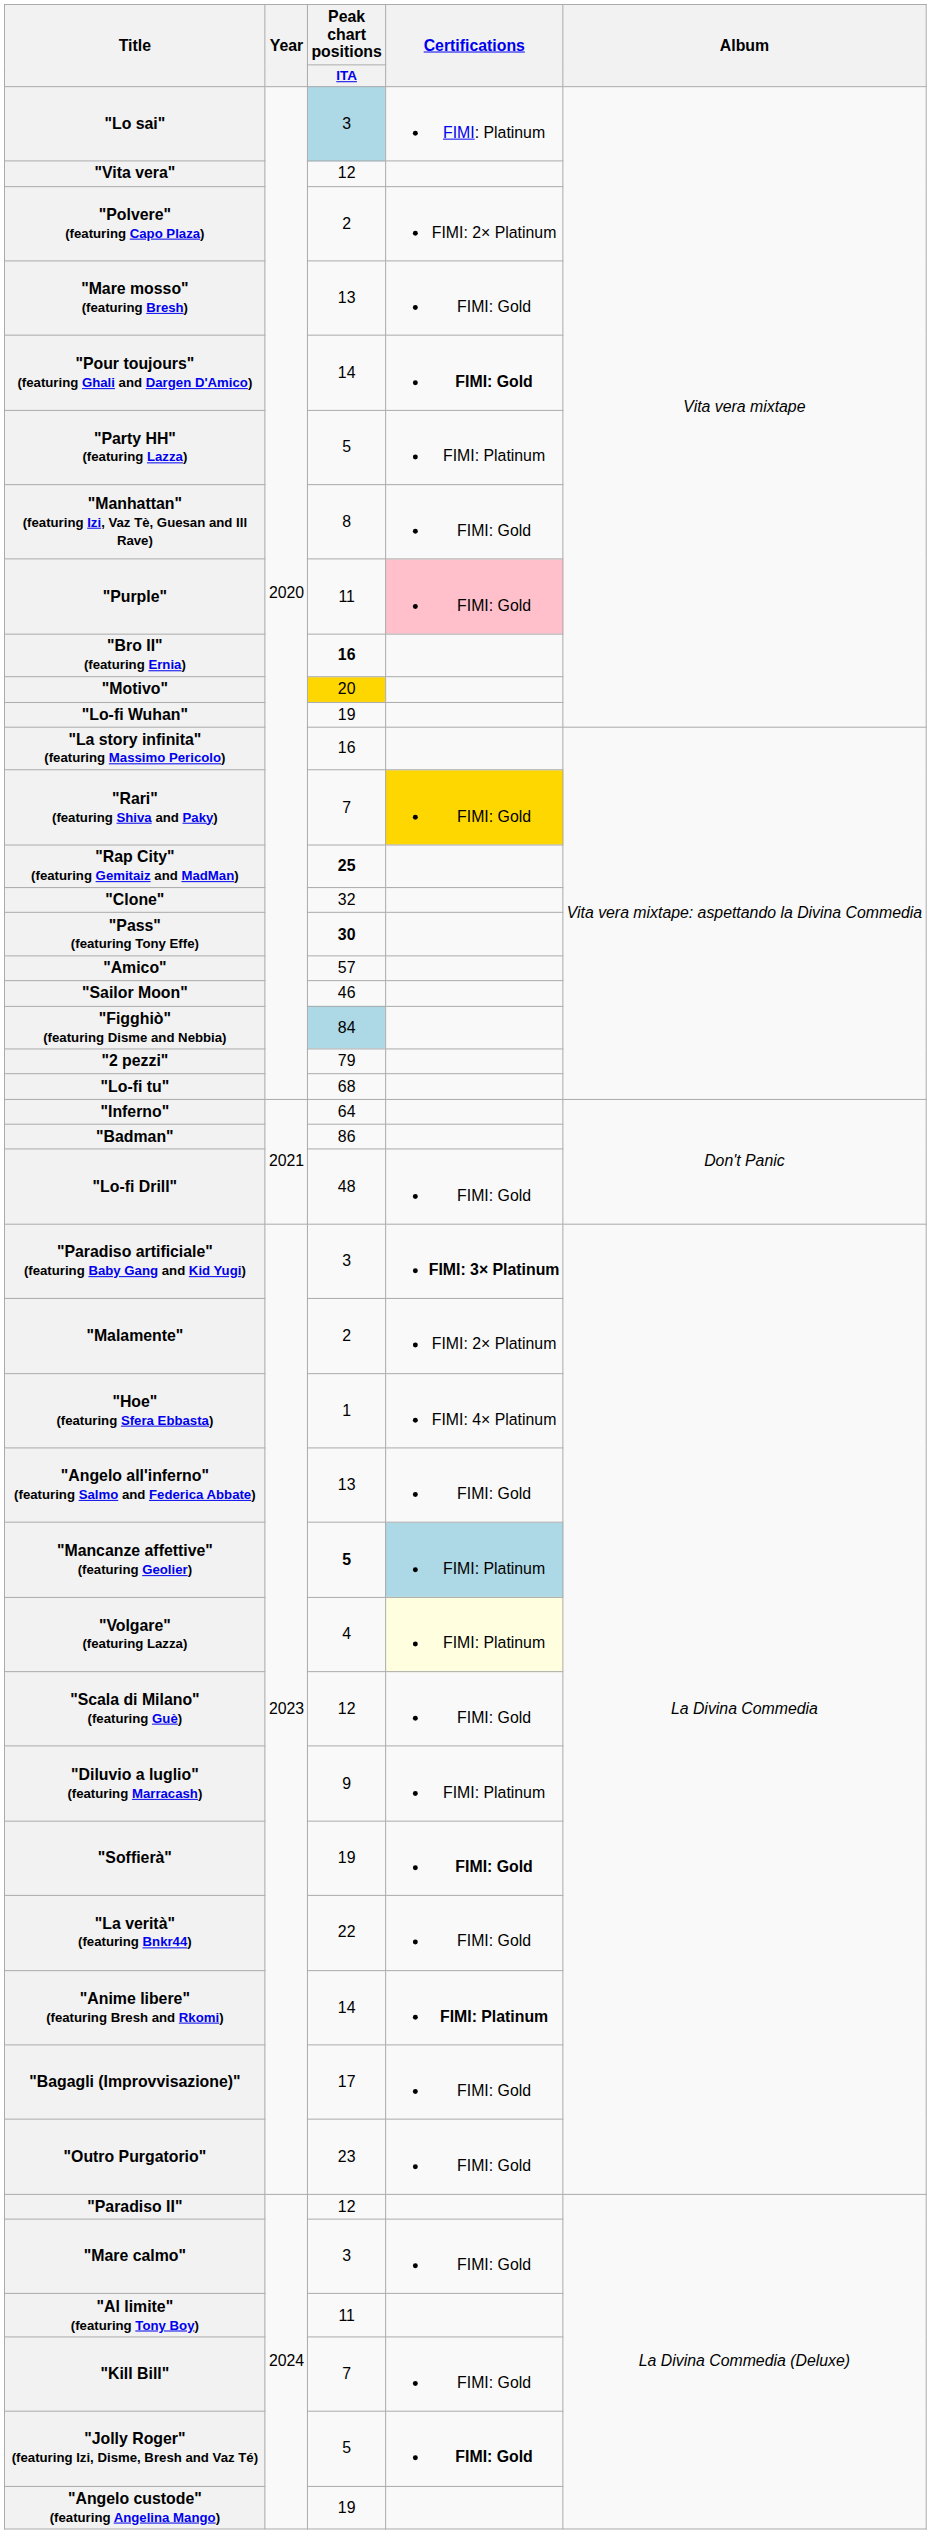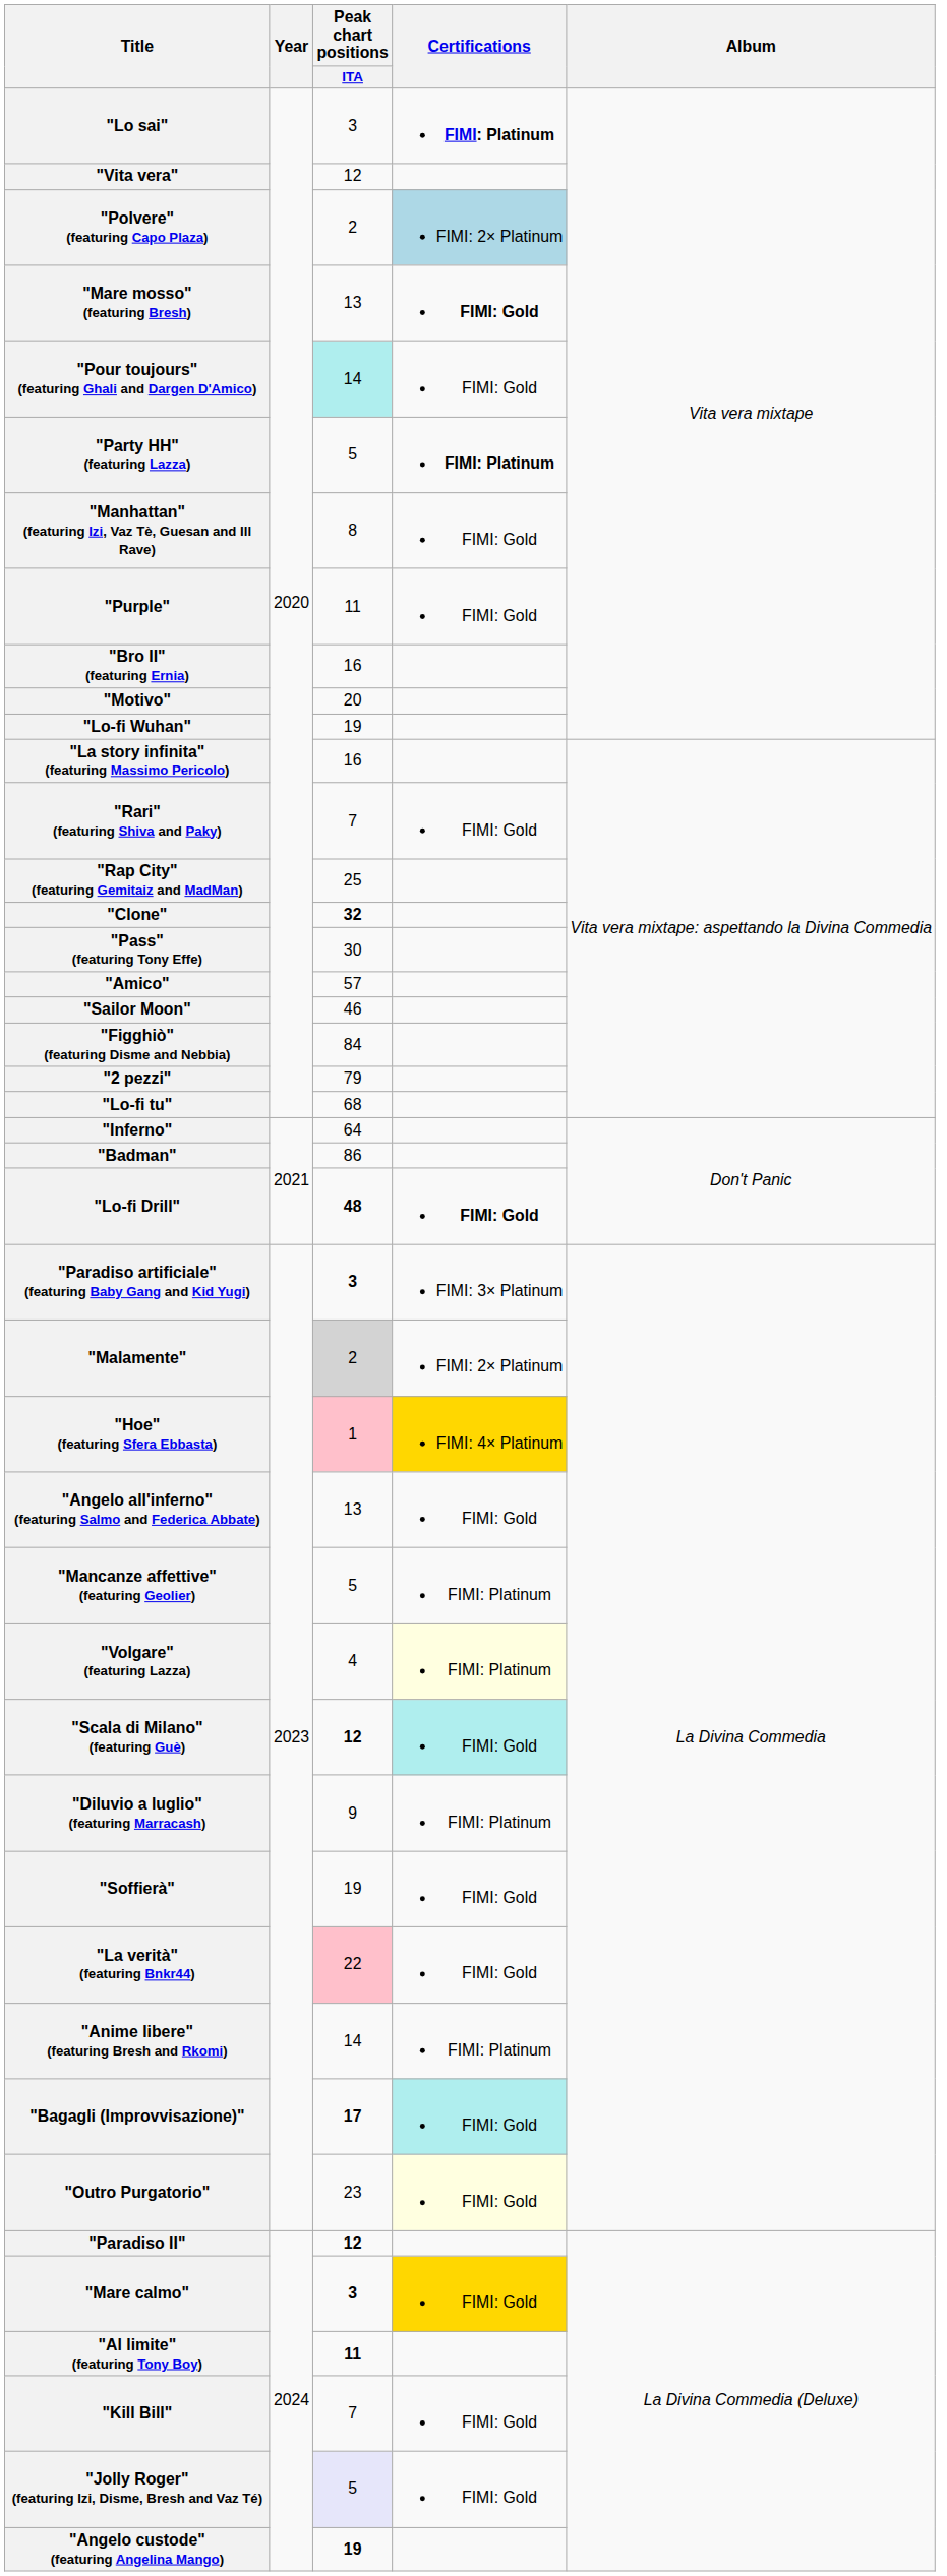 <table class="wikitable plainrowheaders" style="text-align:center;">
 <tr>
 <th scope="col" rowspan="2" style="width:16em;">Title</th>
 <th scope="col" rowspan="2" style="width:1em;">Year</th>
 <th scope="col" colspan="1">Peak chart positions</th>
 <th scope="col" rowspan="2"><a href='#'>Certifications</a></th>
 <th scope="col" rowspan="2">Album</th>
 </tr>
 <tr>
 <th scope="col" style="width:3em;font-size:85%;"><a href='#'>ITA</a><br></th>
 </tr>
 <tr>
 <th scope="row">"Lo sai"</th>
 <td rowspan="21">2020</td>
-<td style="background: lightblue;">3</td>
-<td><br><ul><li><a href='#'>FIMI</a>: Platinum</li></ul></td>
+<td>3</td>
+<td><strong><br><ul><li><a href='#'>FIMI</a>: Platinum</li></ul></strong></td>
 <td rowspan="11"><em>Vita vera mixtape</em></td>
 </tr>
 <tr>
 <th scope="row">"Vita vera"</th>
 <td>12</td>
 <td></td>
 </tr>
 <tr>
 <th scope="row">"Polvere"<br><small>(featuring <a href='#'>Capo Plaza</a>)</small></th>
 <td>2</td>
-<td><br><ul><li>FIMI: 2× Platinum</li></ul></td>
+<td style="background: lightblue;"><br><ul><li>FIMI: 2× Platinum</li></ul></td>
 </tr>
 <tr>
 <th scope="row">"Mare mosso"<br><small>(featuring <a href='#'>Bresh</a>)</small></th>
 <td>13</td>
-<td><br><ul><li>FIMI: Gold</li></ul></td>
+<td><strong><br><ul><li>FIMI: Gold</li></ul></strong></td>
 </tr>
 <tr>
 <th scope="row">"Pour toujours"<br><small>(featuring <a href='#'>Ghali</a> and <a href='#'>Dargen D'Amico</a>)</small></th>
-<td>14</td>
-<td><strong><br><ul><li>FIMI: Gold</li></ul></strong></td>
+<td style="background: paleturquoise;">14</td>
+<td><br><ul><li>FIMI: Gold</li></ul></td>
 </tr>
 <tr>
 <th scope="row">"Party HH"<br><small>(featuring <a href='#'>Lazza</a>)</small></th>
 <td>5</td>
-<td><br><ul><li>FIMI: Platinum</li></ul></td>
+<td><strong><br><ul><li>FIMI: Platinum</li></ul></strong></td>
 </tr>
 <tr>
 <th scope="row">"Manhattan"<br><small>(featuring <a href='#'>Izi</a>, Vaz Tè, Guesan and Ill Rave)</small></th>
 <td>8</td>
 <td><br><ul><li>FIMI: Gold</li></ul></td>
 </tr>
 <tr>
 <th scope="row">"Purple"</th>
 <td>11</td>
-<td style="background: pink;"><br><ul><li>FIMI: Gold</li></ul></td>
+<td><br><ul><li>FIMI: Gold</li></ul></td>
 </tr>
 <tr>
 <th scope="row">"Bro II"<br><small>(featuring <a href='#'>Ernia</a>)</small></th>
-<td><strong>16</strong></td>
+<td>16</td>
 <td></td>
 </tr>
 <tr>
 <th scope="row">"Motivo"</th>
-<td style="background: gold;">20</td>
+<td>20</td>
 <td></td>
 </tr>
 <tr>
 <th scope="row">"Lo-fi Wuhan"</th>
 <td>19</td>
 <td></td>
 </tr>
 <tr>
 <th scope="row">"La story infinita"<br><small>(featuring <a href='#'>Massimo Pericolo</a>)</small></th>
 <td>16</td>
 <td></td>
 <td rowspan="10"><em>Vita vera mixtape: aspettando la Divina Commedia</em></td>
 </tr>
 <tr>
 <th scope="row">"Rari"<br><small>(featuring <a href='#'>Shiva</a> and <a href='#'>Paky</a>)</small></th>
 <td>7</td>
-<td style="background: gold;"><br><ul><li>FIMI: Gold</li></ul></td>
+<td><br><ul><li>FIMI: Gold</li></ul></td>
 </tr>
 <tr>
 <th scope="row">"Rap City"<br><small>(featuring <a href='#'>Gemitaiz</a> and <a href='#'>MadMan</a>)</small></th>
-<td><strong>25</strong></td>
+<td>25</td>
 <td></td>
 </tr>
 <tr>
 <th scope="row">"Clone"</th>
-<td>32</td>
+<td><strong>32</strong></td>
 <td></td>
 </tr>
 <tr>
 <th scope="row">"Pass"<br><small>(featuring Tony Effe)</small></th>
-<td><strong>30</strong></td>
+<td>30</td>
 <td></td>
 </tr>
 <tr>
 <th scope="row">"Amico"</th>
 <td>57</td>
 <td></td>
 </tr>
 <tr>
 <th scope="row">"Sailor Moon"</th>
 <td>46</td>
 <td></td>
 </tr>
 <tr>
 <th scope="row">"Figghiò"<br><small>(featuring Disme and Nebbia)</small></th>
-<td style="background: lightblue;">84</td>
+<td>84</td>
 <td></td>
 </tr>
 <tr>
 <th scope="row">"2 pezzi"</th>
 <td>79</td>
 <td></td>
 </tr>
 <tr>
 <th scope="row">"Lo-fi tu"</th>
 <td>68</td>
 <td></td>
 </tr>
 <tr>
 <th scope="row">"Inferno"</th>
 <td rowspan="3">2021</td>
 <td>64</td>
 <td></td>
 <td rowspan="3"><em>Don't Panic</em></td>
 </tr>
 <tr>
 <th scope="row">"Badman"</th>
 <td>86</td>
 <td></td>
 </tr>
 <tr>
 <th scope="row">"Lo-fi Drill"</th>
-<td>48</td>
-<td><br><ul><li>FIMI: Gold</li></ul></td>
+<td><strong>48</strong></td>
+<td><strong><br><ul><li>FIMI: Gold</li></ul></strong></td>
 </tr>
 <tr>
 <th scope="row">"Paradiso artificiale"<br><small>(featuring <a href='#'>Baby Gang</a> and <a href='#'>Kid Yugi</a>)</small></th>
 <td rowspan="13">2023</td>
-<td>3</td>
-<td><strong><br><ul><li>FIMI: 3× Platinum</li></ul></strong></td>
+<td><strong>3</strong></td>
+<td><br><ul><li>FIMI: 3× Platinum</li></ul></td>
 <td rowspan="13"><em>La Divina Commedia</em></td>
 </tr>
 <tr>
 <th scope="row">"Malamente"</th>
-<td>2</td>
+<td style="background: lightgrey;">2</td>
 <td><br><ul><li>FIMI: 2× Platinum</li></ul></td>
 </tr>
 <tr>
 <th scope="row">"Hoe"<br><small>(featuring <a href='#'>Sfera Ebbasta</a>)</small></th>
-<td>1</td>
-<td><br><ul><li>FIMI: 4× Platinum</li></ul></td>
+<td style="background: pink;">1</td>
+<td style="background: gold;"><br><ul><li>FIMI: 4× Platinum</li></ul></td>
 </tr>
 <tr>
 <th scope="row">"Angelo all'inferno"<br><small>(featuring <a href='#'>Salmo</a> and <a href='#'>Federica Abbate</a>)</small></th>
 <td>13</td>
 <td><br><ul><li>FIMI: Gold</li></ul></td>
 </tr>
 <tr>
 <th scope="row">"Mancanze affettive"<br><small>(featuring <a href='#'>Geolier</a>)</small></th>
-<td><strong>5</strong></td>
-<td style="background: lightblue;"><br><ul><li>FIMI: Platinum</li></ul></td>
+<td>5</td>
+<td><br><ul><li>FIMI: Platinum</li></ul></td>
 </tr>
 <tr>
 <th scope="row">"Volgare"<br><small>(featuring Lazza)</small></th>
 <td>4</td>
 <td style="background: lightyellow;"><br><ul><li>FIMI: Platinum</li></ul></td>
 </tr>
 <tr>
 <th scope="row">"Scala di Milano"<br><small>(featuring <a href='#'>Guè</a>)</small></th>
-<td>12</td>
-<td><br><ul><li>FIMI: Gold</li></ul></td>
+<td><strong>12</strong></td>
+<td style="background: paleturquoise;"><br><ul><li>FIMI: Gold</li></ul></td>
 </tr>
 <tr>
 <th scope="row">"Diluvio a luglio"<br><small>(featuring <a href='#'>Marracash</a>)</small></th>
 <td>9</td>
 <td><br><ul><li>FIMI: Platinum</li></ul></td>
 </tr>
 <tr>
 <th scope="row">"Soffierà"</th>
 <td>19</td>
-<td><strong><br><ul><li>FIMI: Gold</li></ul></strong></td>
+<td><br><ul><li>FIMI: Gold</li></ul></td>
 </tr>
 <tr>
 <th scope="row">"La verità"<br><small>(featuring <a href='#'>Bnkr44</a>)</small></th>
-<td>22</td>
+<td style="background: pink;">22</td>
 <td><br><ul><li>FIMI: Gold</li></ul></td>
 </tr>
 <tr>
 <th scope="row">"Anime libere"<br><small>(featuring Bresh and <a href='#'>Rkomi</a>)</small></th>
 <td>14</td>
-<td><strong><br><ul><li>FIMI: Platinum</li></ul></strong></td>
+<td><br><ul><li>FIMI: Platinum</li></ul></td>
 </tr>
 <tr>
 <th scope="row">"Bagagli (Improvvisazione)"</th>
-<td>17</td>
-<td><br><ul><li>FIMI: Gold</li></ul></td>
+<td><strong>17</strong></td>
+<td style="background: paleturquoise;"><br><ul><li>FIMI: Gold</li></ul></td>
 </tr>
 <tr>
 <th scope="row">"Outro Purgatorio"</th>
 <td>23</td>
-<td><br><ul><li>FIMI: Gold</li></ul></td>
+<td style="background: lightyellow;"><br><ul><li>FIMI: Gold</li></ul></td>
 </tr>
 <tr>
 <th scope="row">"Paradiso II"</th>
 <td rowspan="6">2024</td>
-<td>12</td>
+<td><strong>12</strong></td>
 <td></td>
 <td rowspan="6"><em>La Divina Commedia (Deluxe)</em></td>
 </tr>
 <tr>
 <th scope="row">"Mare calmo"</th>
-<td>3</td>
-<td><br><ul><li>FIMI: Gold</li></ul></td>
+<td><strong>3</strong></td>
+<td style="background: gold;"><br><ul><li>FIMI: Gold</li></ul></td>
 </tr>
 <tr>
 <th scope="row">"Al limite"<br><small>(featuring <a href='#'>Tony Boy</a>)</small></th>
-<td>11</td>
+<td><strong>11</strong></td>
 <td></td>
 </tr>
 <tr>
 <th scope="row">"Kill Bill"</th>
 <td>7</td>
 <td><br><ul><li>FIMI: Gold</li></ul></td>
 </tr>
 <tr>
 <th scope="row">"Jolly Roger"<br><small>(featuring Izi, Disme, Bresh and Vaz Té)</small></th>
-<td>5</td>
-<td><strong><br><ul><li>FIMI: Gold</li></ul></strong></td>
+<td style="background: lavender;">5</td>
+<td><br><ul><li>FIMI: Gold</li></ul></td>
 </tr>
 <tr>
 <th scope="row">"Angelo custode"<br><small>(featuring <a href='#'>Angelina Mango</a>)</small></th>
-<td>19</td>
+<td><strong>19</strong></td>
 <td></td>
 </tr>
 </table>
